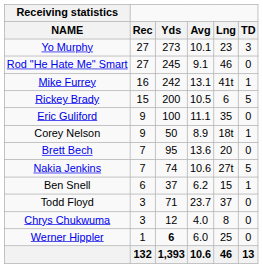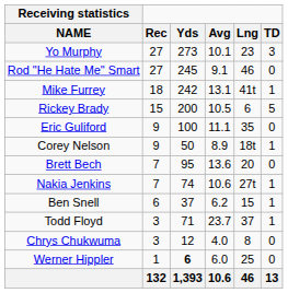 <table class="wikitable sortable" style="text-align:center;">
 <tr>
 <th style="text-align:center;">Receiving statistics</th>
 </tr>
 <tr>
 <th>NAME</th>
 <th>Rec</th>
 <th>Yds</th>
 <th>Avg</th>
 <th>Lng</th>
 <th>TD</th>
 </tr>
 <tr>
 <td><a href='#'>Yo Murphy</a></td>
 <td>27</td>
 <td>273</td>
 <td>10.1</td>
 <td>23</td>
 <td>3</td>
 </tr>
 <tr>
 <td><a href='#'>Rod "He Hate Me" Smart</a></td>
 <td>27</td>
 <td>245</td>
 <td>9.1</td>
 <td>46</td>
 <td>0</td>
 </tr>
 <tr>
 <td><a href='#'>Mike Furrey</a></td>
-<td>16</td>
+<td>18</td>
 <td>242</td>
 <td>13.1</td>
 <td>41t</td>
 <td>1</td>
 </tr>
 <tr>
 <td><a href='#'>Rickey Brady</a></td>
 <td>15</td>
 <td>200</td>
 <td>10.5</td>
 <td>6</td>
 <td>5</td>
 </tr>
 <tr>
 <td><a href='#'>Eric Guliford</a></td>
 <td>9</td>
 <td>100</td>
 <td>11.1</td>
 <td>35</td>
 <td>0</td>
 </tr>
 <tr>
 <td>Corey Nelson</td>
 <td>9</td>
 <td>50</td>
 <td>8.9</td>
 <td>18t</td>
 <td>1</td>
 </tr>
 <tr>
 <td><a href='#'>Brett Bech</a></td>
 <td>7</td>
 <td>95</td>
 <td>13.6</td>
 <td>20</td>
 <td>0</td>
 </tr>
 <tr>
 <td><a href='#'>Nakia Jenkins</a></td>
 <td>7</td>
 <td>74</td>
 <td>10.6</td>
 <td>27t</td>
-<td>5</td>
+<td>1</td>
 </tr>
 <tr>
 <td>Ben Snell</td>
 <td>6</td>
 <td>37</td>
 <td>6.2</td>
 <td>15</td>
 <td>1</td>
 </tr>
 <tr>
 <td>Todd Floyd</td>
 <td>3</td>
 <td>71</td>
 <td>23.7</td>
 <td>37</td>
-<td>0</td>
+<td>1</td>
 </tr>
 <tr>
 <td><a href='#'>Chrys Chukwuma</a></td>
 <td>3</td>
 <td>12</td>
 <td>4.0</td>
 <td>8</td>
 <td>0</td>
 </tr>
 <tr>
 <td><a href='#'>Werner Hippler</a></td>
 <td>1</td>
 <td><strong>6</strong></td>
 <td>6.0</td>
 <td>25</td>
 <td>0</td>
 </tr>
 <tr>
 <th colspan="1"></th>
 <th>132</th>
 <th>1,393</th>
 <th>10.6</th>
 <th>46</th>
 <th>13</th>
 </tr>
 </table>
